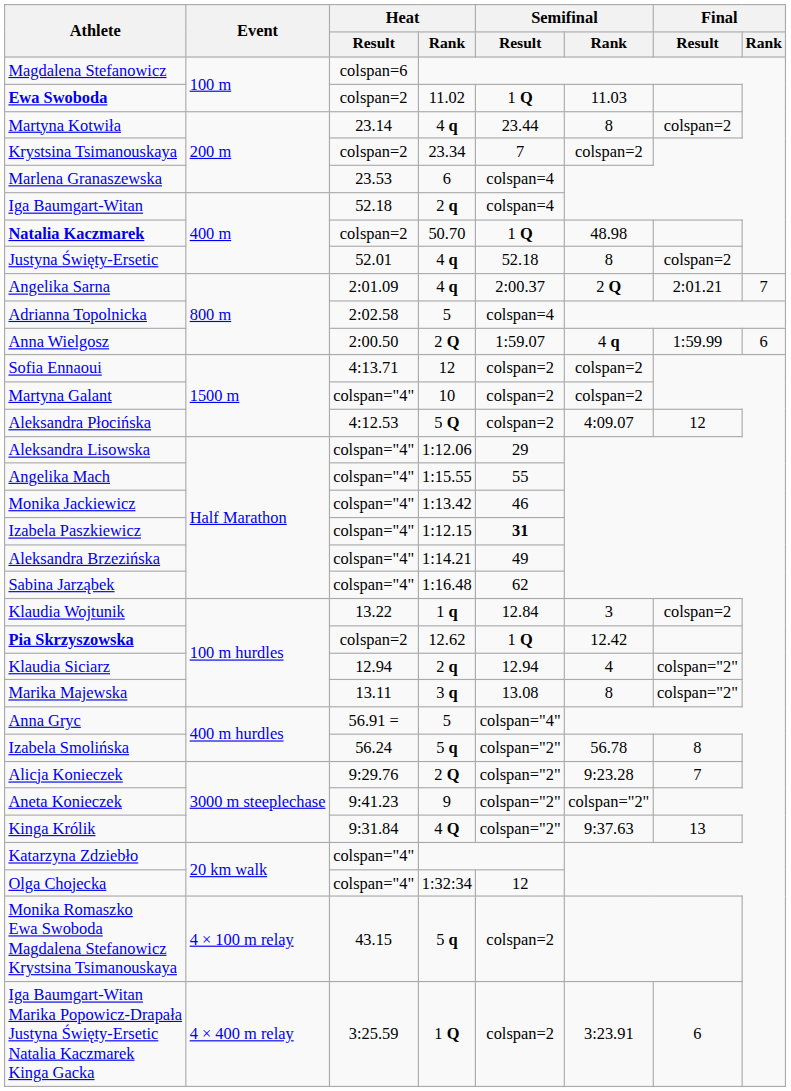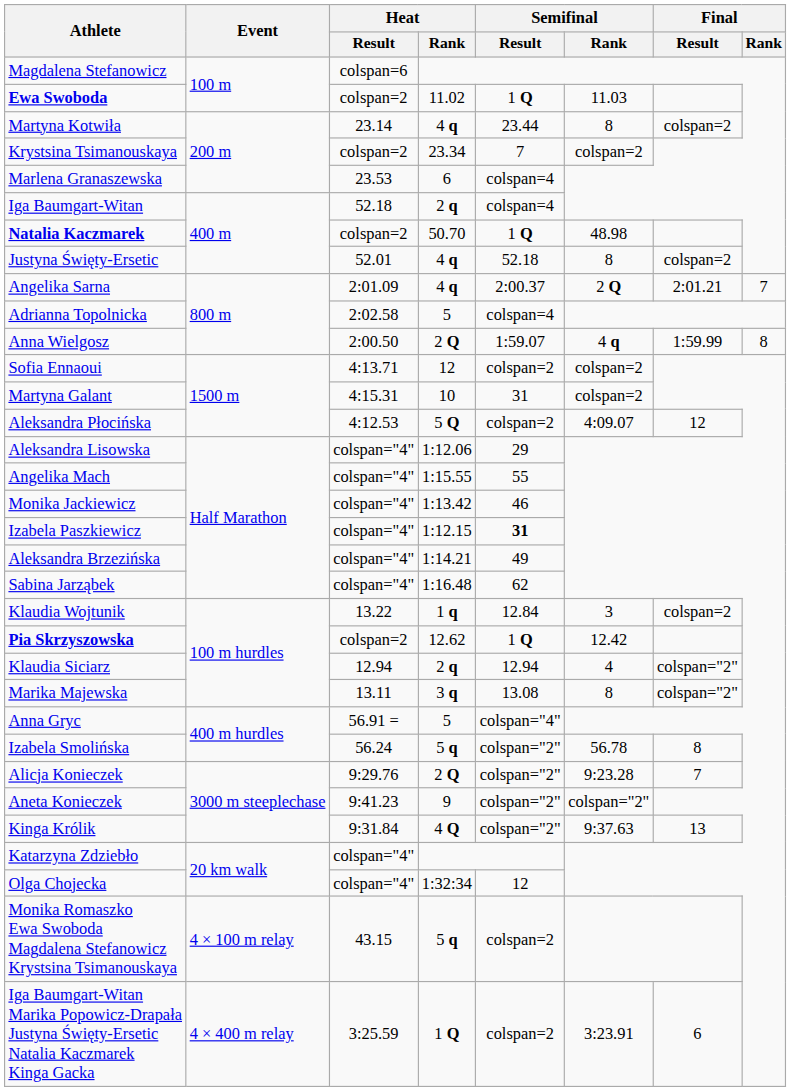 <table class="wikitable" style="font-size:90%">
 <tr>
 <th rowspan="2">Athlete</th>
 <th rowspan="2">Event</th>
 <th colspan="2">Heat</th>
 <th colspan="2">Semifinal</th>
 <th colspan="2">Final</th>
 </tr>
 <tr style="font-size:95%">
 <th>Result</th>
 <th>Rank</th>
 <th>Result</th>
 <th>Rank</th>
 <th>Result</th>
 <th>Rank</th>
 </tr>
 <tr align=center>
 <td align=left><a href='#'>Magdalena Stefanowicz</a></td>
 <td align=left rowspan=2><a href='#'>100 m</a></td>
 <td>colspan=6 </td>
 </tr>
 <tr align=center>
 <td align=left><strong><a href='#'>Ewa Swoboda</a></strong></td>
 <td>colspan=2 </td>
 <td>11.02 </td>
 <td>1 <strong>Q</strong></td>
 <td>11.03</td>
 <td></td>
 </tr>
 <tr align=center>
 <td align=left><a href='#'>Martyna Kotwiła</a></td>
 <td align=left rowspan=3><a href='#'>200 m</a></td>
 <td>23.14 </td>
 <td>4 <strong>q</strong></td>
 <td>23.44</td>
 <td>8</td>
 <td>colspan=2 </td>
 </tr>
 <tr align=center>
 <td align=left><a href='#'>Krystsina Tsimanouskaya</a></td>
 <td>colspan=2 </td>
 <td>23.34</td>
 <td>7</td>
 <td>colspan=2 </td>
 </tr>
 <tr align=center>
 <td align=left><a href='#'>Marlena Granaszewska</a></td>
 <td>23.53</td>
 <td>6</td>
 <td>colspan=4 </td>
 </tr>
 <tr align=center>
 <td align=left><a href='#'>Iga Baumgart-Witan</a></td>
 <td align=left rowspan=3><a href='#'>400 m</a></td>
 <td>52.18 </td>
 <td>2 <strong>q</strong></td>
 <td>colspan=4 </td>
 </tr>
 <tr align=center>
 <td align=left><strong><a href='#'>Natalia Kaczmarek</a></strong></td>
 <td>colspan=2 </td>
 <td>50.70</td>
 <td>1 <strong>Q</strong></td>
 <td>48.98 </td>
 <td></td>
 </tr>
 <tr align=center>
 <td align=left><a href='#'>Justyna Święty-Ersetic</a></td>
 <td>52.01</td>
 <td>4 <strong>q</strong></td>
 <td>52.18</td>
 <td>8</td>
 <td>colspan=2 </td>
 </tr>
 <tr align=center>
 <td align=left><a href='#'>Angelika Sarna</a></td>
 <td align=left rowspan=3><a href='#'>800 m</a></td>
 <td>2:01.09</td>
 <td>4 <strong>q</strong></td>
 <td>2:00.37 </td>
 <td>2 <strong>Q</strong></td>
 <td>2:01.21</td>
 <td>7</td>
 </tr>
 <tr align=center>
 <td align=left><a href='#'>Adrianna Topolnicka</a></td>
 <td>2:02.58</td>
 <td>5</td>
 <td>colspan=4 </td>
 </tr>
 <tr align=center>
 <td align=left><a href='#'>Anna Wielgosz</a></td>
 <td>2:00.50 </td>
 <td>2 <strong>Q</strong></td>
 <td>1:59.07 </td>
 <td>4 <strong>q</strong></td>
 <td>1:59.99</td>
-<td>6</td>
+<td>8</td>
 </tr>
 <tr align=center>
 <td align=left><a href='#'>Sofia Ennaoui</a></td>
 <td align=left rowspan=3><a href='#'>1500 m</a></td>
 <td>4:13.71</td>
 <td>12</td>
 <td>colspan=2 </td>
 <td>colspan=2 </td>
 </tr>
 <tr align=center>
 <td align=left><a href='#'>Martyna Galant</a></td>
-<td>colspan="4" </td>
+<td>4:15.31</td>
 <td>10</td>
-<td>colspan=2 </td>
+<td>31</td>
 <td>colspan=2 </td>
 </tr>
 <tr align=center>
 <td align=left><a href='#'>Aleksandra Płocińska</a></td>
 <td>4:12.53</td>
 <td>5 <strong>Q</strong></td>
 <td>colspan=2 </td>
 <td>4:09.07</td>
 <td>12</td>
 </tr>
 <tr align=center>
 <td align=left><a href='#'>Aleksandra Lisowska</a></td>
 <td align=left rowspan=6><a href='#'>Half Marathon</a></td>
 <td>colspan="4" </td>
 <td>1:12.06 </td>
 <td>29</td>
 </tr>
 <tr align=center>
 <td align=left><a href='#'>Angelika Mach</a></td>
 <td>colspan="4" </td>
 <td>1:15.55 </td>
 <td>55</td>
 </tr>
 <tr align=center>
 <td align=left><a href='#'>Monika Jackiewicz</a></td>
 <td>colspan="4" </td>
 <td>1:13.42</td>
 <td>46</td>
 </tr>
 <tr align=center>
 <td align=left><a href='#'>Izabela Paszkiewicz</a></td>
 <td>colspan="4" </td>
 <td>1:12.15 </td>
 <td><strong>31</strong></td>
 </tr>
 <tr align=center>
 <td align=left><a href='#'>Aleksandra Brzezińska</a></td>
 <td>colspan="4" </td>
 <td>1:14.21</td>
 <td>49</td>
 </tr>
 <tr align=center>
 <td align=left><a href='#'>Sabina Jarząbek</a></td>
 <td>colspan="4" </td>
 <td>1:16.48</td>
 <td>62</td>
 </tr>
 <tr align=center>
 <td align=left><a href='#'>Klaudia Wojtunik</a></td>
 <td align=left rowspan=4><a href='#'>100 m hurdles</a></td>
 <td>13.22</td>
 <td>1 <strong>q</strong></td>
 <td>12.84 </td>
 <td>3</td>
 <td>colspan=2 </td>
 </tr>
 <tr align=center>
 <td align=left><strong><a href='#'>Pia Skrzyszowska</a></strong></td>
 <td>colspan=2 </td>
 <td>12.62</td>
 <td>1 <strong>Q</strong></td>
 <td>12.42 </td>
 <td></td>
 </tr>
 <tr align=center>
 <td align=left><a href='#'>Klaudia Siciarz</a></td>
 <td>12.94 </td>
 <td>2 <strong>q</strong></td>
 <td>12.94</td>
 <td>4</td>
 <td>colspan="2" </td>
 </tr>
 <tr align=center>
 <td align=left><a href='#'>Marika Majewska</a></td>
 <td>13.11</td>
 <td>3 <strong>q</strong></td>
 <td>13.08</td>
 <td>8</td>
 <td>colspan="2" </td>
 </tr>
 <tr align=center>
 <td align=left><a href='#'>Anna Gryc</a></td>
 <td align=left rowspan=2><a href='#'>400 m hurdles</a></td>
 <td>56.91 =</td>
 <td>5</td>
 <td>colspan="4" </td>
 </tr>
 <tr align=center>
 <td align=left><a href='#'>Izabela Smolińska</a></td>
 <td>56.24 </td>
 <td>5 <strong>q</strong></td>
 <td>colspan="2" </td>
 <td>56.78</td>
 <td>8</td>
 </tr>
 <tr align=center>
 <td align=left><a href='#'>Alicja Konieczek</a></td>
 <td align=left rowspan=3><a href='#'>3000 m steeplechase</a></td>
 <td>9:29.76</td>
 <td>2 <strong>Q</strong></td>
 <td>colspan="2" </td>
 <td>9:23.28</td>
 <td>7</td>
 </tr>
 <tr align=center>
 <td align=left><a href='#'>Aneta Konieczek</a></td>
 <td>9:41.23</td>
 <td>9</td>
 <td>colspan="2" </td>
 <td>colspan="2" </td>
 </tr>
 <tr align=center>
 <td align=left><a href='#'>Kinga Królik</a></td>
 <td>9:31.84</td>
 <td>4 <strong>Q</strong></td>
 <td>colspan="2" </td>
 <td>9:37.63</td>
 <td>13</td>
 </tr>
 <tr align=center>
 <td align=left><a href='#'>Katarzyna Zdziebło</a></td>
 <td align=left rowspan=2><a href='#'>20 km walk</a></td>
 <td>colspan="4" </td>
 <td colspan=2></td>
 </tr>
 <tr align=center>
 <td align=left><a href='#'>Olga Chojecka</a></td>
 <td>colspan="4" </td>
 <td>1:32:34</td>
 <td>12</td>
 </tr>
 <tr align=center>
 <td align=left><a href='#'>Monika Romaszko</a><br> <a href='#'>Ewa Swoboda</a><br> <a href='#'>Magdalena Stefanowicz</a><br><a href='#'>Krystsina Tsimanouskaya</a></td>
 <td align=left><a href='#'>4 × 100 m relay</a></td>
 <td>43.15</td>
 <td>5 <strong>q</strong></td>
 <td>colspan=2 </td>
 <td colspan=2></td>
 </tr>
 <tr align=center>
 <td align=left><a href='#'>Iga Baumgart-Witan</a><br><a href='#'>Marika Popowicz-Drapała</a><br> <a href='#'>Justyna Święty-Ersetic</a><br> <a href='#'>Natalia Kaczmarek</a><br><a href='#'>Kinga Gacka</a></td>
 <td align=left><a href='#'>4 × 400 m relay</a></td>
 <td>3:25.59</td>
 <td>1 <strong>Q</strong></td>
 <td>colspan=2 </td>
 <td>3:23.91 </td>
 <td>6</td>
 </tr>
 </table>
